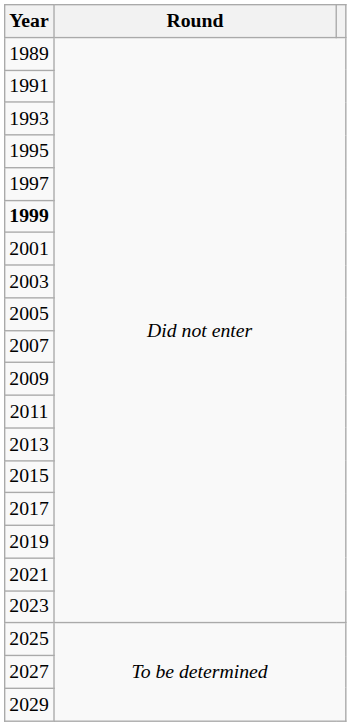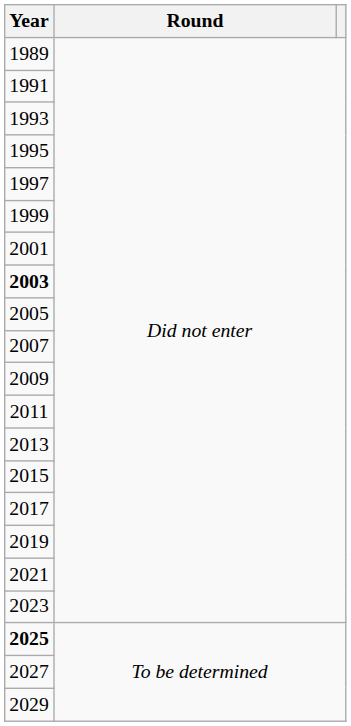 <table class="wikitable" style="text-align: center; font-size:90%">
 <tr>
 <th>Year</th>
 <th style="width:200px">Round</th>
 <th></th>
 </tr>
 <tr>
 <td>1989</td>
 <td colspan="2" rowspan="18"><em>Did not enter</em></td>
 </tr>
 <tr>
 <td>1991</td>
 </tr>
 <tr>
 <td>1993</td>
 </tr>
 <tr>
 <td>1995</td>
 </tr>
 <tr>
 <td>1997</td>
 </tr>
 <tr>
-<td><strong>1999</strong></td>
+<td>1999</td>
 </tr>
 <tr>
 <td>2001</td>
 </tr>
 <tr>
-<td>2003</td>
+<td><strong>2003</strong></td>
 </tr>
 <tr>
 <td>2005</td>
 </tr>
 <tr>
 <td>2007</td>
 </tr>
 <tr>
 <td>2009</td>
 </tr>
 <tr>
 <td>2011</td>
 </tr>
 <tr>
 <td>2013</td>
 </tr>
 <tr>
 <td>2015</td>
 </tr>
 <tr>
 <td>2017</td>
 </tr>
 <tr>
 <td>2019</td>
 </tr>
 <tr>
 <td>2021</td>
 </tr>
 <tr>
 <td>2023</td>
 </tr>
 <tr>
-<td>2025</td>
+<td><strong>2025</strong></td>
 <td colspan="2" rowspan="3"><em>To be determined</em></td>
 </tr>
 <tr>
 <td>2027</td>
 </tr>
 <tr>
 <td>2029</td>
 </tr>
 </table>
